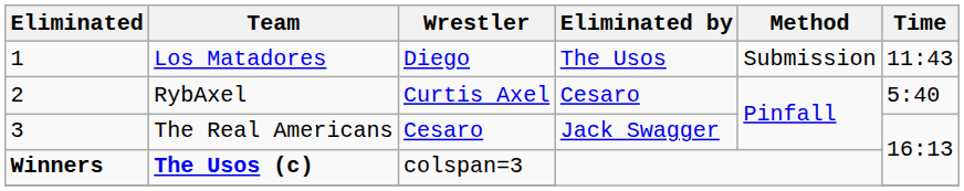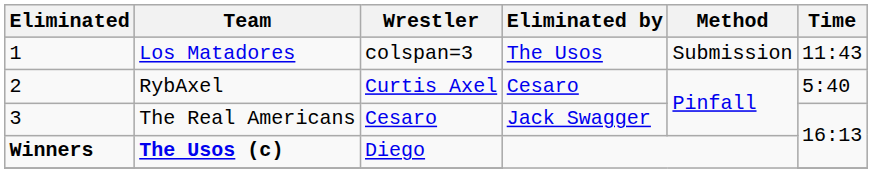 <table class="wikitable sortable">
 <tr>
 <th>Eliminated</th>
 <th>Team</th>
 <th>Wrestler</th>
 <th>Eliminated by</th>
 <th>Method</th>
 <th>Time</th>
 </tr>
 <tr>
 <td>1</td>
 <td><a href='#'>Los Matadores</a></td>
-<td><a href='#'>Diego</a></td>
+<td>colspan=3 </td>
 <td><a href='#'>The Usos</a></td>
 <td>Submission</td>
 <td>11:43</td>
 </tr>
 <tr>
 <td>2</td>
 <td>RybAxel</td>
 <td><a href='#'>Curtis Axel</a></td>
 <td><a href='#'>Cesaro</a></td>
 <td rowspan=2><a href='#'>Pinfall</a></td>
 <td>5:40</td>
 </tr>
 <tr>
 <td>3</td>
 <td>The Real Americans</td>
 <td><a href='#'>Cesaro</a></td>
 <td><a href='#'>Jack Swagger</a></td>
 <td rowspan=2>16:13</td>
 </tr>
 <tr>
 <td><strong>Winners</strong></td>
 <td><strong><a href='#'>The Usos</a> (c)</strong></td>
-<td>colspan=3 </td>
+<td><a href='#'>Diego</a></td>
 </tr>
 <tr>
 </tr>
 </table>
